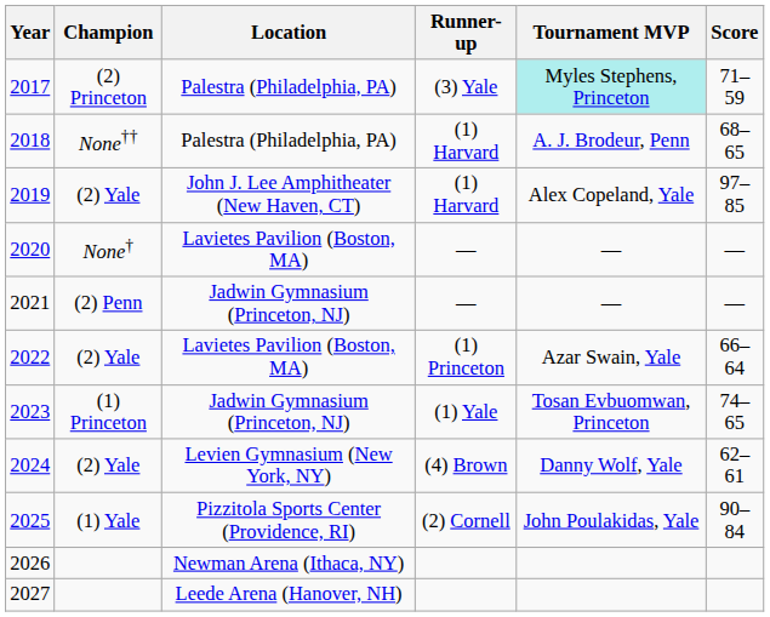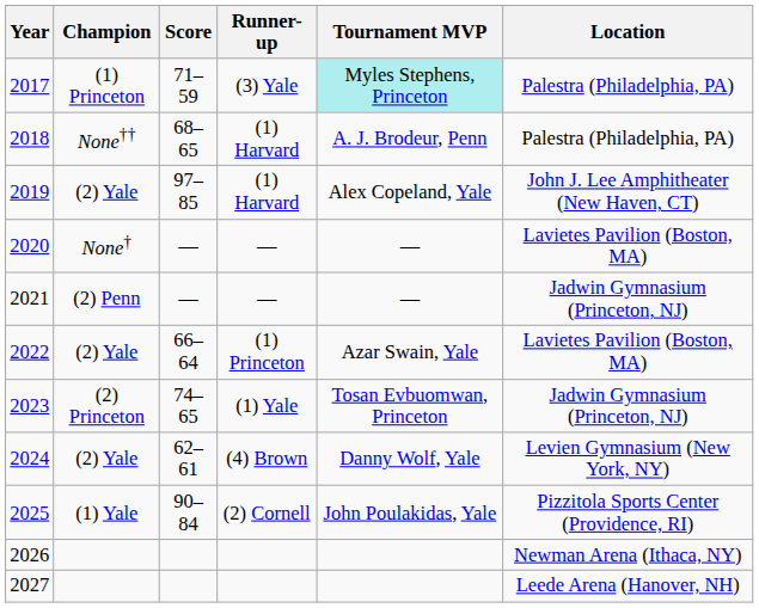 <table class="wikitable sortable" style="text-align:center">
 <tr>
 <th width=px>Year</th>
 <th width=px>Champion</th>
-<th width=px>Location</th>
+<th width=px>Score</th>
 <th width=px>Runner-up</th>
 <th width=px>Tournament MVP</th>
-<th width=px>Score</th>
+<th width=px>Location</th>
 </tr>
 <tr>
 <td><a href='#'>2017</a></td>
-<td>(2) <a href='#'>Princeton</a></td>
-<td><a href='#'>Palestra</a> (<a href='#'>Philadelphia, PA</a>)</td>
+<td>(1) <a href='#'>Princeton</a></td>
+<td>71–59</td>
 <td>(3) <a href='#'>Yale</a></td>
 <td style="background: paleturquoise;">Myles Stephens, <a href='#'>Princeton</a></td>
-<td>71–59</td>
+<td><a href='#'>Palestra</a> (<a href='#'>Philadelphia, PA</a>)</td>
 </tr>
 <tr>
 <td><a href='#'>2018</a></td>
 <td><em>None</em><sup>††</sup></td>
-<td>Palestra (Philadelphia, PA)</td>
+<td>68–65</td>
 <td>(1) <a href='#'>Harvard</a></td>
 <td><a href='#'>A. J. Brodeur</a>, <a href='#'>Penn</a></td>
-<td>68–65</td>
+<td>Palestra (Philadelphia, PA)</td>
 </tr>
 <tr>
 <td><a href='#'>2019</a></td>
 <td>(2) <a href='#'>Yale</a></td>
-<td><a href='#'>John J. Lee Amphitheater</a> (<a href='#'>New Haven, CT</a>)</td>
+<td>97–85</td>
 <td>(1) <a href='#'>Harvard</a></td>
 <td>Alex Copeland, <a href='#'>Yale</a></td>
-<td>97–85</td>
+<td><a href='#'>John J. Lee Amphitheater</a> (<a href='#'>New Haven, CT</a>)</td>
 </tr>
 <tr>
 <td><a href='#'>2020</a></td>
 <td><em>None</em><sup>†</sup></td>
-<td><a href='#'>Lavietes Pavilion</a> (<a href='#'>Boston, MA</a>)</td>
 <td>—</td>
 <td>—</td>
 <td>—</td>
+<td><a href='#'>Lavietes Pavilion</a> (<a href='#'>Boston, MA</a>)</td>
 </tr>
 <tr>
 <td>2021</td>
 <td>(2) <a href='#'>Penn</a></td>
-<td><a href='#'>Jadwin Gymnasium</a> (<a href='#'>Princeton, NJ</a>)</td>
 <td>—</td>
 <td>—</td>
 <td>—</td>
+<td><a href='#'>Jadwin Gymnasium</a> (<a href='#'>Princeton, NJ</a>)</td>
 </tr>
 <tr>
 <td><a href='#'>2022</a></td>
 <td>(2) <a href='#'>Yale</a></td>
-<td><a href='#'>Lavietes Pavilion</a> (<a href='#'>Boston, MA</a>)</td>
+<td>66–64</td>
 <td>(1) <a href='#'>Princeton</a></td>
 <td>Azar Swain, <a href='#'>Yale</a></td>
-<td>66–64</td>
+<td><a href='#'>Lavietes Pavilion</a> (<a href='#'>Boston, MA</a>)</td>
 </tr>
 <tr>
 <td><a href='#'>2023</a></td>
-<td>(1) <a href='#'>Princeton</a></td>
-<td><a href='#'>Jadwin Gymnasium</a> (<a href='#'>Princeton, NJ</a>)</td>
+<td>(2) <a href='#'>Princeton</a></td>
+<td>74–65</td>
 <td>(1) <a href='#'>Yale</a></td>
 <td><a href='#'>Tosan Evbuomwan</a>, <a href='#'>Princeton</a></td>
-<td>74–65</td>
+<td><a href='#'>Jadwin Gymnasium</a> (<a href='#'>Princeton, NJ</a>)</td>
 </tr>
 <tr>
 <td><a href='#'>2024</a></td>
 <td>(2) <a href='#'>Yale</a></td>
-<td><a href='#'>Levien Gymnasium</a> (<a href='#'>New York, NY</a>)</td>
+<td>62–61</td>
 <td>(4) <a href='#'>Brown</a></td>
 <td><a href='#'>Danny Wolf</a>, <a href='#'>Yale</a></td>
-<td>62–61</td>
+<td><a href='#'>Levien Gymnasium</a> (<a href='#'>New York, NY</a>)</td>
 </tr>
 <tr>
 <td><a href='#'>2025</a></td>
 <td>(1) <a href='#'>Yale</a></td>
-<td><a href='#'>Pizzitola Sports Center</a> (<a href='#'>Providence, RI</a>)</td>
+<td>90–84</td>
 <td>(2) <a href='#'>Cornell</a></td>
 <td><a href='#'>John Poulakidas</a>, <a href='#'>Yale</a></td>
-<td>90–84</td>
+<td><a href='#'>Pizzitola Sports Center</a> (<a href='#'>Providence, RI</a>)</td>
 </tr>
 <tr>
 <td>2026</td>
 <td></td>
-<td><a href='#'>Newman Arena</a> (<a href='#'>Ithaca, NY</a>)</td>
 <td></td>
 <td></td>
 <td></td>
+<td><a href='#'>Newman Arena</a> (<a href='#'>Ithaca, NY</a>)</td>
 </tr>
 <tr>
 <td>2027</td>
 <td></td>
-<td><a href='#'>Leede Arena</a> (<a href='#'>Hanover, NH</a>)</td>
 <td></td>
 <td></td>
 <td></td>
+<td><a href='#'>Leede Arena</a> (<a href='#'>Hanover, NH</a>)</td>
 </tr>
 </table>
